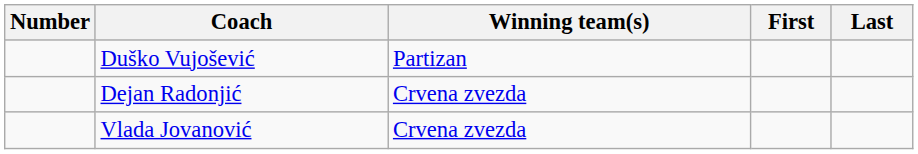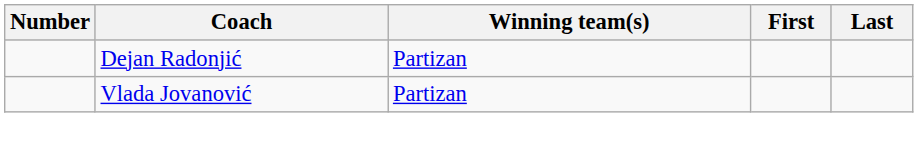 <table class="wikitable">
 <tr>
 <th>Number</th>
 <th style="width:200px">Coach</th>
 <th style="width:250px">Winning team(s)</th>
 <th style="width:50px">First</th>
 <th style="width:50px">Last</th>
 </tr>
 <tr>
 <td></td>
-<td> <a href='#'>Duško Vujošević</a></td>
+<td> <a href='#'>Dejan Radonjić</a></td>
 <td><a href='#'>Partizan</a></td>
 <td></td>
 <td></td>
 </tr>
 <tr>
 <td></td>
-<td> <a href='#'>Dejan Radonjić</a></td>
-<td><a href='#'>Crvena zvezda</a></td>
-<td></td>
-<td></td>
-</tr>
-<tr>
-<td></td>
 <td> <a href='#'>Vlada Jovanović</a></td>
-<td><a href='#'>Crvena zvezda</a></td>
+<td><a href='#'>Partizan</a></td>
 <td></td>
 <td></td>
 </tr>
 </table>
